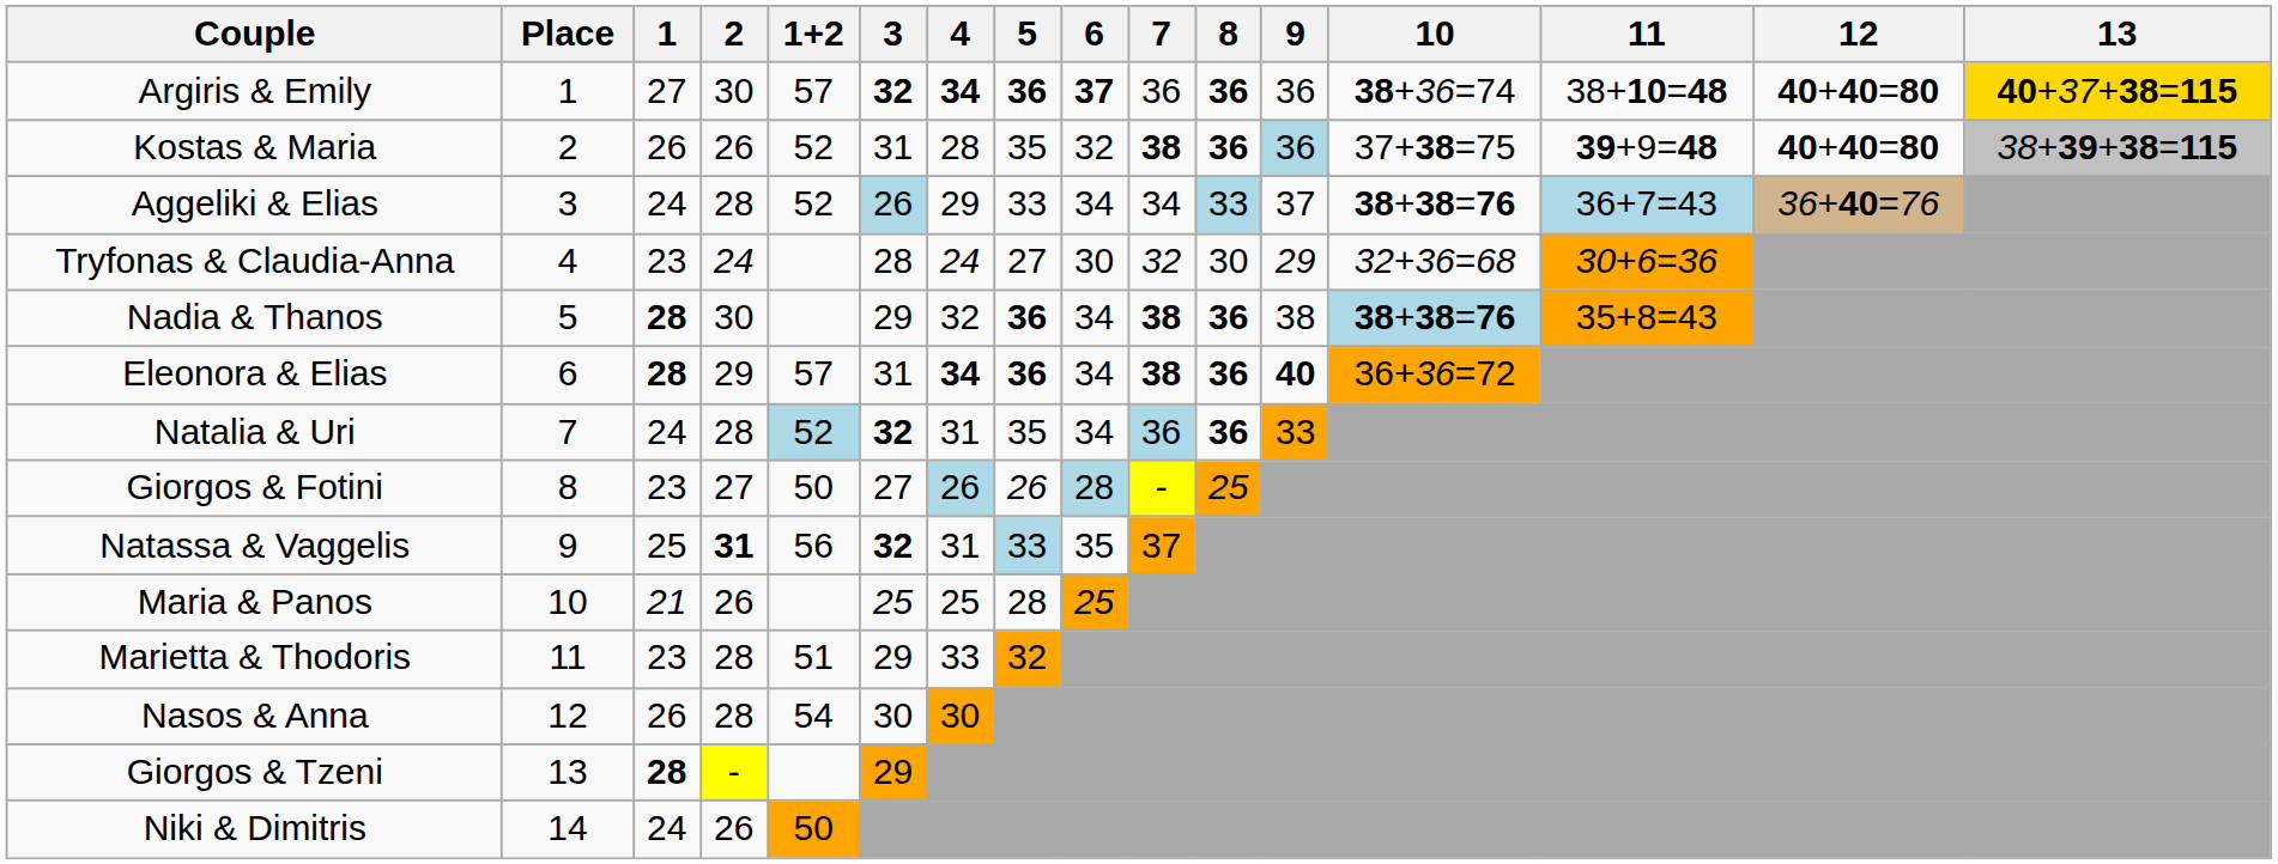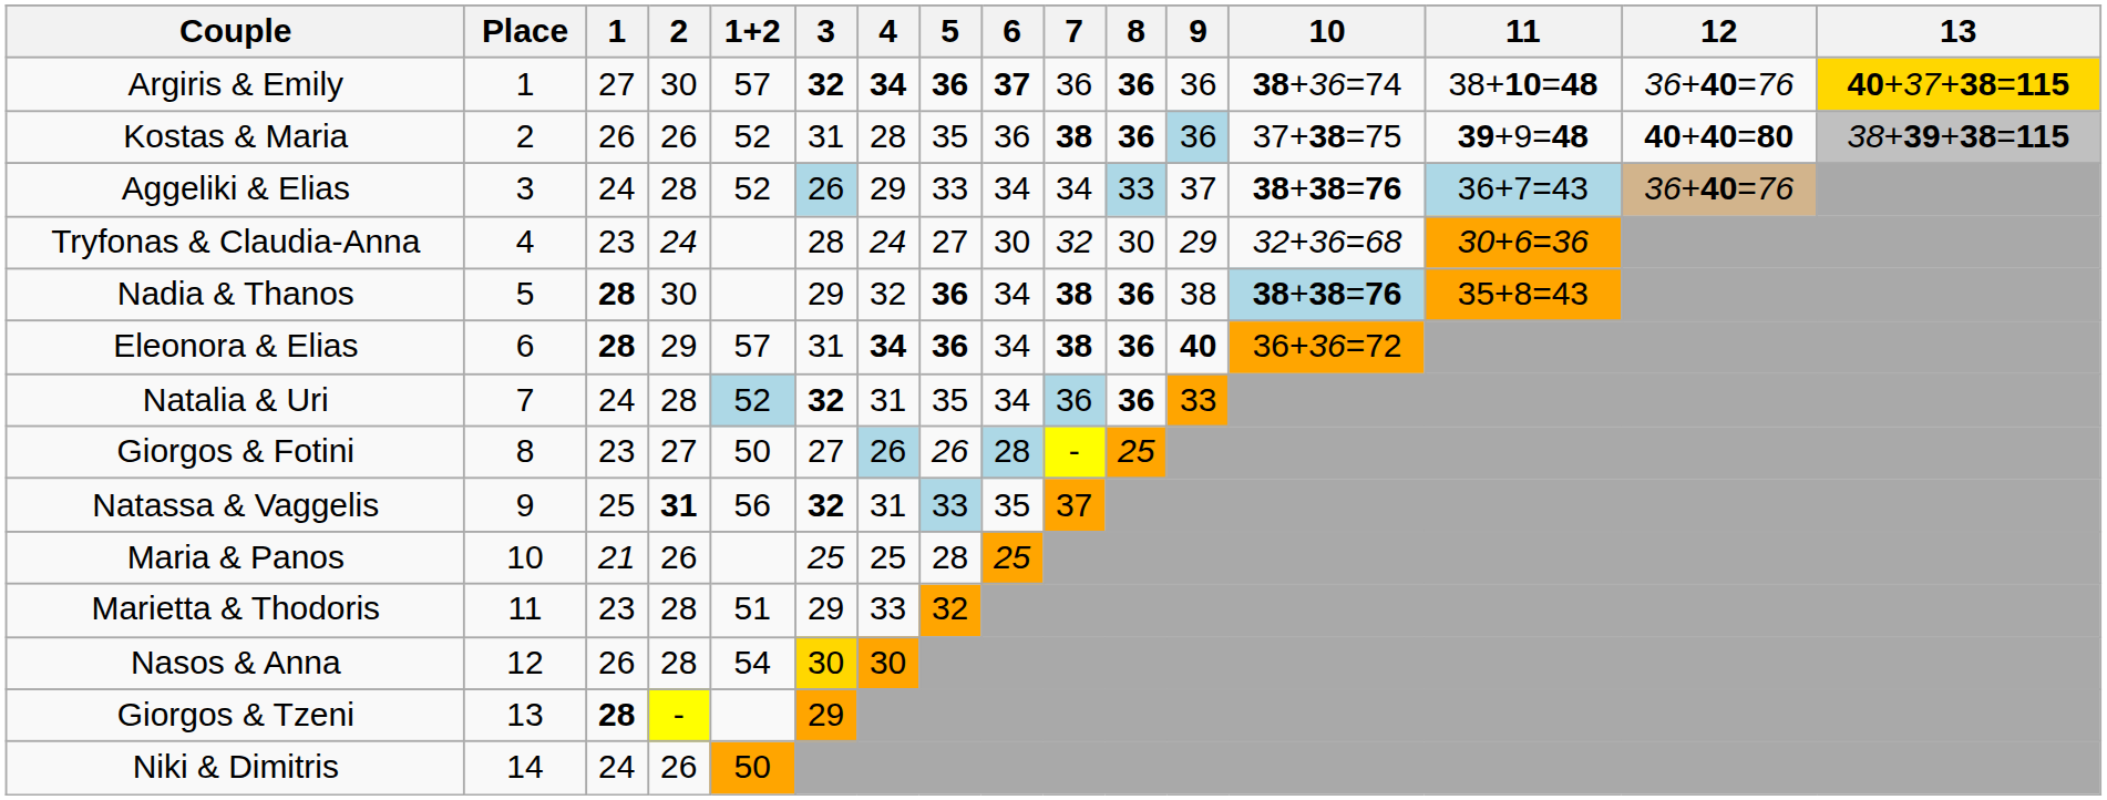 <table class="wikitable sortable"  style="margin:auto; text-align:center; white:nowrap; width:80%;">
 <tr>
 <th>Couple</th>
 <th>Place</th>
 <th>1</th>
 <th>2</th>
 <th>1+2</th>
 <th>3</th>
 <th>4</th>
 <th>5</th>
 <th>6</th>
 <th>7</th>
 <th>8</th>
 <th>9</th>
 <th>10</th>
 <th>11</th>
 <th>12</th>
 <th>13</th>
 </tr>
 <tr>
 <td style="text-align:center;">Argiris & Emily</td>
 <td>1</td>
 <td>27</td>
 <td>30</td>
 <td>57</td>
 <td><span><strong>32</strong></span></td>
 <td><span><strong>34</strong></span></td>
 <td><span><strong>36</strong></span></td>
 <td><span><strong>37</strong></span></td>
 <td>36</td>
 <td><span><strong>36</strong></span></td>
 <td>36</td>
 <td><span><strong>38</strong></span>+<span><em>36</em></span>=74</td>
 <td>38+<span><strong>10</strong></span>=<span><strong>48</strong></span></td>
-<td><span><strong>40</strong></span>+<strong>40</strong>=<span><strong>80</strong></span></td>
+<td><span><em>36</em></span>+<strong>40</strong>=<span><em>76</em></span></td>
 <td bgcolor=gold><span><strong>40</strong></span>+<span><em>37</em></span>+<strong>38</strong>=<strong>115</strong></td>
 </tr>
 <tr>
 <td style="text-align:center;">Kostas & Maria</td>
 <td>2</td>
 <td>26</td>
 <td>26</td>
 <td>52</td>
 <td>31</td>
 <td>28</td>
 <td>35</td>
-<td>32</td>
+<td>36</td>
 <td><span><strong>38</strong></span></td>
 <td><span><strong>36</strong></span></td>
 <td bgcolor="lightblue">36</td>
 <td>37+<span><strong>38</strong></span>=75</td>
 <td><span><strong>39</strong></span>+9=<span><strong>48</strong></span></td>
 <td><span><strong>40</strong></span>+<strong>40</strong>=<span><strong>80</strong></span></td>
 <td bgcolor=silver><span><em>38</em></span>+<span><strong>39</strong></span>+<strong>38</strong>=<strong>115</strong></td>
 </tr>
 <tr>
 <td style="text-align:center;">Aggeliki & Elias</td>
 <td>3</td>
 <td>24</td>
 <td>28</td>
 <td>52</td>
 <td bgcolor="lightblue">26</td>
 <td>29</td>
 <td>33</td>
 <td>34</td>
 <td>34</td>
 <td bgcolor="lightblue">33</td>
 <td>37</td>
 <td><span><strong>38</strong></span>+<span><strong>38</strong></span>=<span><strong>76</strong></span></td>
 <td bgcolor="lightblue">36+7=43</td>
 <td bgcolor="tan"><span><em>36</em></span>+<strong>40</strong>=<span><em>76</em></span></td>
 <td bgcolor="darkgray" colspan="3"></td>
 </tr>
 <tr>
 <td style="text-align:center;">Tryfonas & Claudia-Anna</td>
 <td>4</td>
 <td>23</td>
 <td><span><em>24</em></span></td>
 <td><em></em></td>
 <td>28</td>
 <td><span><em>24</em></span></td>
 <td>27</td>
 <td>30</td>
 <td><span><em>32</em></span></td>
 <td>30</td>
 <td><span><em>29</em></span></td>
 <td><span><em>32</em></span>+<span><em>36</em></span>=<span><em>68</em></span></td>
 <td bgcolor="orange"><span><em>30</em></span>+<span><em>6</em></span>=<span><em>36</em></span></td>
 <td bgcolor="darkgray" colspan="4"></td>
 </tr>
 <tr>
 <td style="text-align:center;">Nadia & Thanos</td>
 <td>5</td>
 <td><span><strong>28</strong></span></td>
 <td>30</td>
 <td><strong></strong></td>
 <td>29</td>
 <td>32</td>
 <td><span><strong>36</strong></span></td>
 <td>34</td>
 <td><span><strong>38</strong></span></td>
 <td><span><strong>36</strong></span></td>
 <td>38</td>
 <td bgcolor="lightblue"><span><strong>38</strong></span>+<span><strong>38</strong></span>=<span><strong>76</strong></span></td>
 <td bgcolor="orange">35+8=43</td>
 <td bgcolor="darkgray" colspan="4"></td>
 </tr>
 <tr>
 <td style="text-align:center;">Eleonora & Elias</td>
 <td>6</td>
 <td><span><strong>28</strong></span></td>
 <td>29</td>
 <td>57</td>
 <td>31</td>
 <td><span><strong>34</strong></span></td>
 <td><span><strong>36</strong></span></td>
 <td>34</td>
 <td><span><strong>38</strong></span></td>
 <td><span><strong>36</strong></span></td>
 <td><span><strong>40</strong></span></td>
 <td bgcolor="orange">36+<span><em>36</em></span>=72</td>
 <td bgcolor="darkgray" colspan="5"></td>
 </tr>
 <tr>
 <td style="text-align:center;">Natalia & Uri</td>
 <td>7</td>
 <td>24</td>
 <td>28</td>
 <td bgcolor="lightblue">52</td>
 <td><span><strong>32</strong></span></td>
 <td>31</td>
 <td>35</td>
 <td>34</td>
 <td bgcolor="lightblue">36</td>
 <td><span><strong>36</strong></span></td>
 <td bgcolor="orange">33</td>
 <td bgcolor="darkgray" colspan="6"></td>
 </tr>
 <tr>
 <td style="text-align:center;">Giorgos & Fotini</td>
 <td>8</td>
 <td>23</td>
 <td>27</td>
 <td>50</td>
 <td>27</td>
 <td bgcolor="lightblue">26</td>
 <td><span><em>26</em></span></td>
 <td bgcolor="lightblue">28</td>
 <td bgcolor="yellow">-</td>
 <td bgcolor="orange"><span><em>25</em></span></td>
 <td bgcolor="darkgray" colspan="7"></td>
 </tr>
 <tr>
 <td style="text-align:center;">Natassa & Vaggelis</td>
 <td>9</td>
 <td>25</td>
 <td><span><strong>31</strong></span></td>
 <td>56</td>
 <td><span><strong>32</strong></span></td>
 <td>31</td>
 <td bgcolor="lightblue">33</td>
 <td>35</td>
 <td bgcolor="orange">37</td>
 <td bgcolor="darkgray" colspan="8"></td>
 </tr>
 <tr>
 <td style="text-align:center;">Maria & Panos</td>
 <td>10</td>
 <td><span><em>21</em></span></td>
 <td>26</td>
 <td><em></em></td>
 <td><span><em>25</em></span></td>
 <td>25</td>
 <td>28</td>
 <td bgcolor="orange"><span><em>25</em></span></td>
 <td bgcolor="darkgray" colspan="8"></td>
 </tr>
 <tr>
 <td style="text-align:center;">Marietta & Thodoris</td>
 <td>11</td>
 <td>23</td>
 <td>28</td>
 <td>51</td>
 <td>29</td>
 <td>33</td>
 <td bgcolor="orange">32</td>
 <td bgcolor="darkgray" colspan="8"></td>
 </tr>
 <tr>
 <td style="text-align:center;">Nasos & Anna</td>
 <td>12</td>
 <td>26</td>
 <td>28</td>
 <td>54</td>
-<td>30</td>
+<td style="background: gold;">30</td>
 <td bgcolor="orange">30</td>
 <td bgcolor="darkgray" colspan="9"></td>
 </tr>
 <tr>
 <td style="text-align:center;">Giorgos & Tzeni</td>
 <td>13</td>
 <td><span><strong>28</strong></span></td>
 <td bgcolor="yellow">-</td>
 <td></td>
 <td bgcolor="orange">29</td>
 <td bgcolor="darkgray" colspan="10"></td>
 </tr>
 <tr>
 <td style="text-align:center;">Niki & Dimitris</td>
 <td>14</td>
 <td>24</td>
 <td>26</td>
 <td bgcolor="orange">50</td>
 <td colspan="11" bgcolor="darkgray"></td>
 </tr>
 </table>
